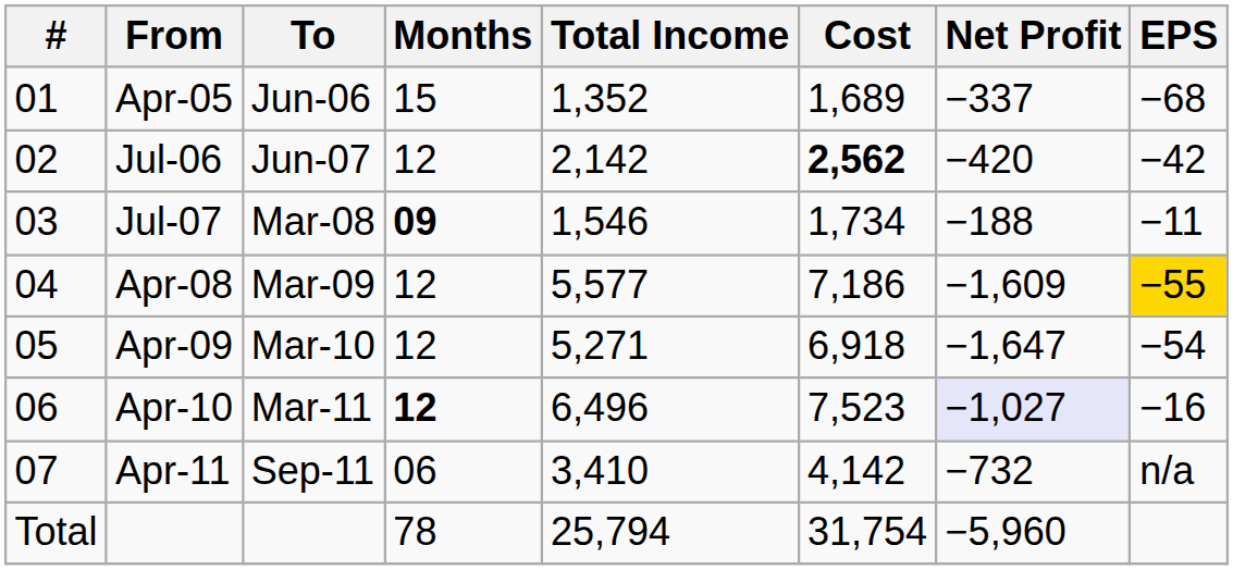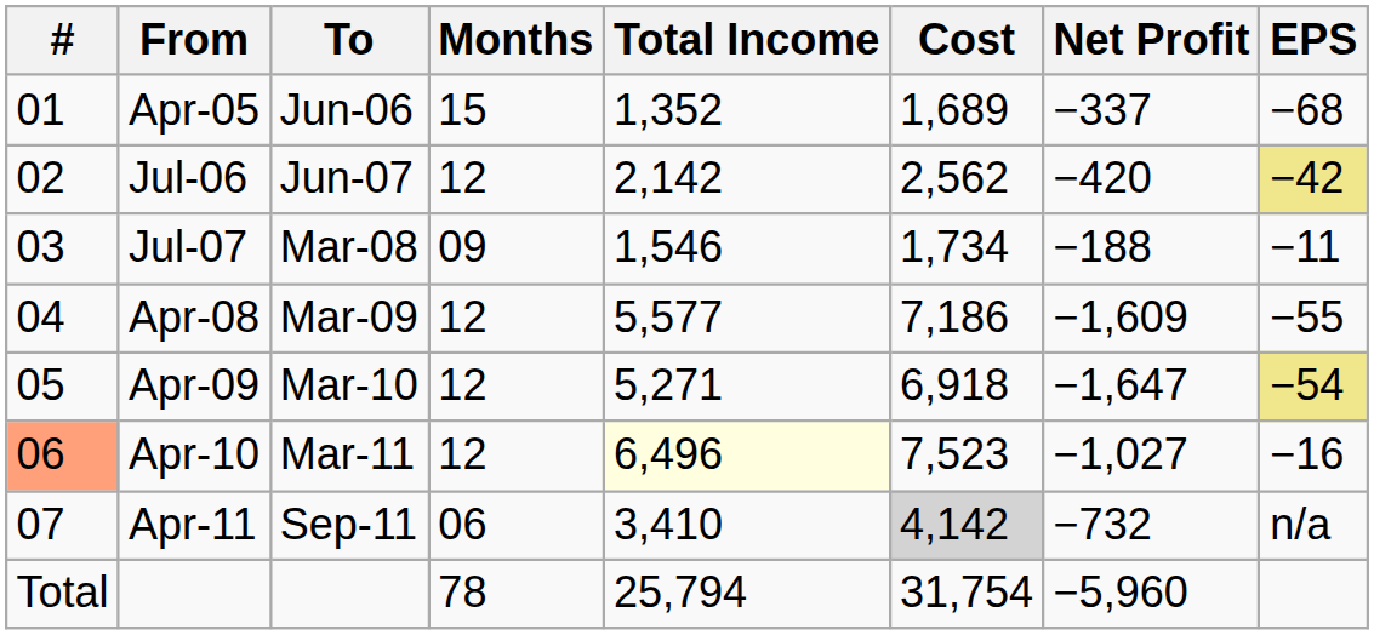 <table class="wikitable sortable">
 <tr>
 <th>#</th>
 <th>From</th>
 <th>To</th>
 <th>Months</th>
 <th>Total Income</th>
 <th>Cost</th>
 <th>Net Profit</th>
 <th>EPS</th>
 </tr>
 <tr>
 <td>01</td>
 <td>Apr-05</td>
 <td>Jun-06</td>
 <td>15</td>
 <td>1,352</td>
 <td>1,689</td>
 <td>−337</td>
 <td>−68</td>
 </tr>
 <tr>
 <td>02</td>
 <td>Jul-06</td>
 <td>Jun-07</td>
 <td>12</td>
 <td>2,142</td>
-<td><strong>2,562</strong></td>
+<td>2,562</td>
 <td>−420</td>
-<td>−42</td>
+<td style="background: khaki;">−42</td>
 </tr>
 <tr>
 <td>03</td>
 <td>Jul-07</td>
 <td>Mar-08</td>
-<td><strong>09</strong></td>
+<td>09</td>
 <td>1,546</td>
 <td>1,734</td>
 <td>−188</td>
 <td>−11</td>
 </tr>
 <tr>
 <td>04</td>
 <td>Apr-08</td>
 <td>Mar-09</td>
 <td>12</td>
 <td>5,577</td>
 <td>7,186</td>
 <td>−1,609</td>
-<td style="background: gold;">−55</td>
+<td>−55</td>
 </tr>
 <tr>
 <td>05</td>
 <td>Apr-09</td>
 <td>Mar-10</td>
 <td>12</td>
 <td>5,271</td>
 <td>6,918</td>
 <td>−1,647</td>
-<td>−54</td>
+<td style="background: khaki;">−54</td>
 </tr>
 <tr>
-<td>06</td>
+<td style="background: lightsalmon;">06</td>
 <td>Apr-10</td>
 <td>Mar-11</td>
-<td><strong>12</strong></td>
-<td>6,496</td>
+<td>12</td>
+<td style="background: lightyellow;">6,496</td>
 <td>7,523</td>
-<td style="background: lavender;">−1,027</td>
+<td>−1,027</td>
 <td>−16</td>
 </tr>
 <tr>
 <td>07</td>
 <td>Apr-11</td>
 <td>Sep-11</td>
 <td>06</td>
 <td>3,410</td>
-<td>4,142</td>
+<td style="background: lightgrey;">4,142</td>
 <td>−732</td>
 <td>n/a</td>
 </tr>
 <tr>
 <td>Total</td>
 <td></td>
 <td></td>
 <td>78</td>
 <td>25,794</td>
 <td>31,754</td>
 <td>−5,960</td>
 <td></td>
 </tr>
 <tr>
 </tr>
 </table>
